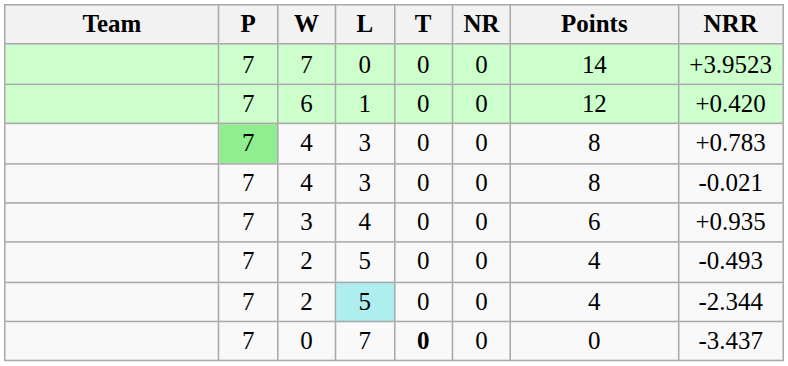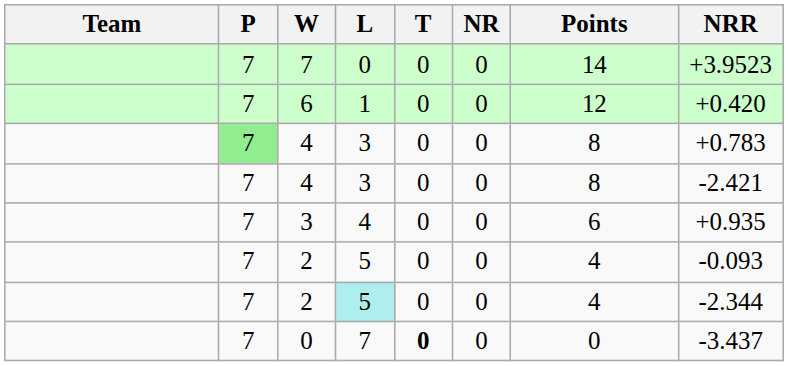 <table class="wikitable" style="text-align:center;">
 <tr>
 <th width=130>Team</th>
 <th width=30 abbr="Played">P</th>
 <th width=30 abbr="Won">W</th>
 <th width=30 abbr="Lost">L</th>
 <th width=30 abbr="Tied">T</th>
 <th width=30 abbr="No result">NR</th>
 <th width=100 abbr="Points">Points</th>
 <th width=60 abbr="Net run rate">NRR</th>
 </tr>
 <tr bgcolor=ccffcc>
 <td align="left"></td>
 <td>7</td>
 <td>7</td>
 <td>0</td>
 <td>0</td>
 <td>0</td>
 <td>14</td>
 <td>+3.9523</td>
 </tr>
 <tr bgcolor=ccffcc>
 <td align="left"></td>
 <td>7</td>
 <td>6</td>
 <td>1</td>
 <td>0</td>
 <td>0</td>
 <td>12</td>
 <td>+0.420</td>
 </tr>
 <tr>
 <td align="left"></td>
 <td style="background: lightgreen;">7</td>
 <td>4</td>
 <td>3</td>
 <td>0</td>
 <td>0</td>
 <td>8</td>
 <td>+0.783</td>
 </tr>
 <tr>
 <td align="left"></td>
 <td>7</td>
 <td>4</td>
 <td>3</td>
 <td>0</td>
 <td>0</td>
 <td>8</td>
-<td>-0.021</td>
+<td>-2.421</td>
 </tr>
 <tr>
 <td align="left"></td>
 <td>7</td>
 <td>3</td>
 <td>4</td>
 <td>0</td>
 <td>0</td>
 <td>6</td>
 <td>+0.935</td>
 </tr>
 <tr>
 <td align="left"></td>
 <td>7</td>
 <td>2</td>
 <td>5</td>
 <td>0</td>
 <td>0</td>
 <td>4</td>
-<td>-0.493</td>
+<td>-0.093</td>
 </tr>
 <tr>
 <td align="left"></td>
 <td>7</td>
 <td>2</td>
 <td style="background: paleturquoise;">5</td>
 <td>0</td>
 <td>0</td>
 <td>4</td>
 <td>-2.344</td>
 </tr>
 <tr>
 <td align="left"></td>
 <td>7</td>
 <td>0</td>
 <td>7</td>
 <td><strong>0</strong></td>
 <td>0</td>
 <td>0</td>
 <td>-3.437</td>
 </tr>
 </table>
